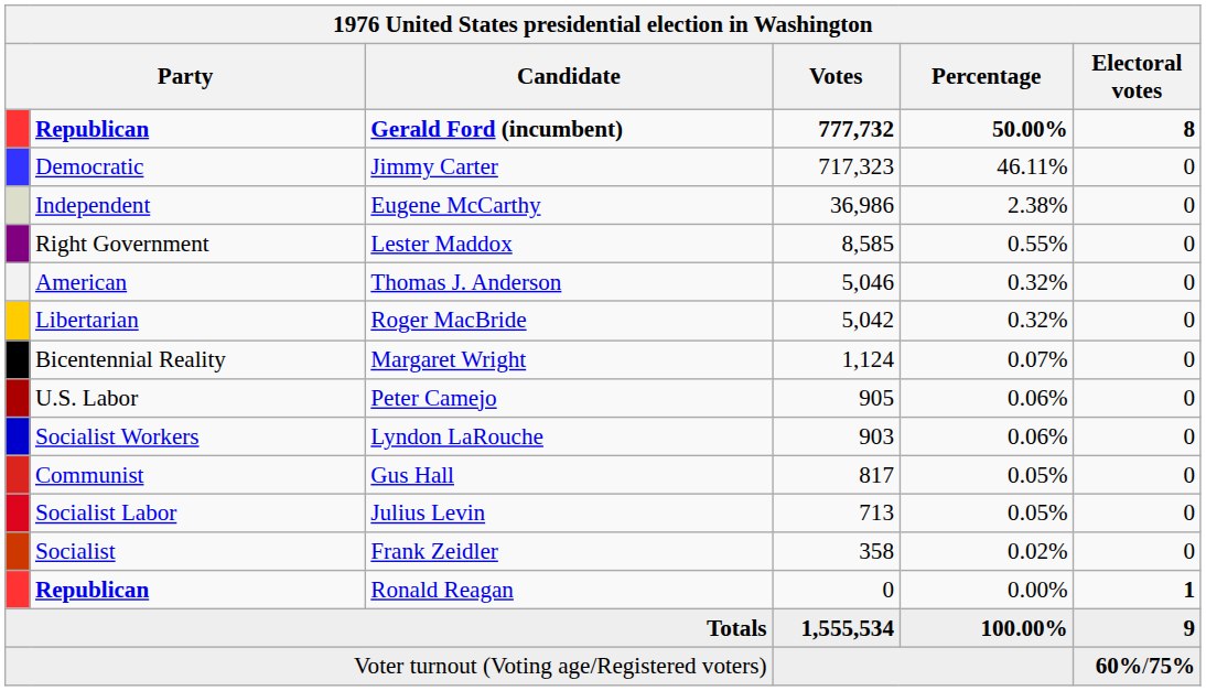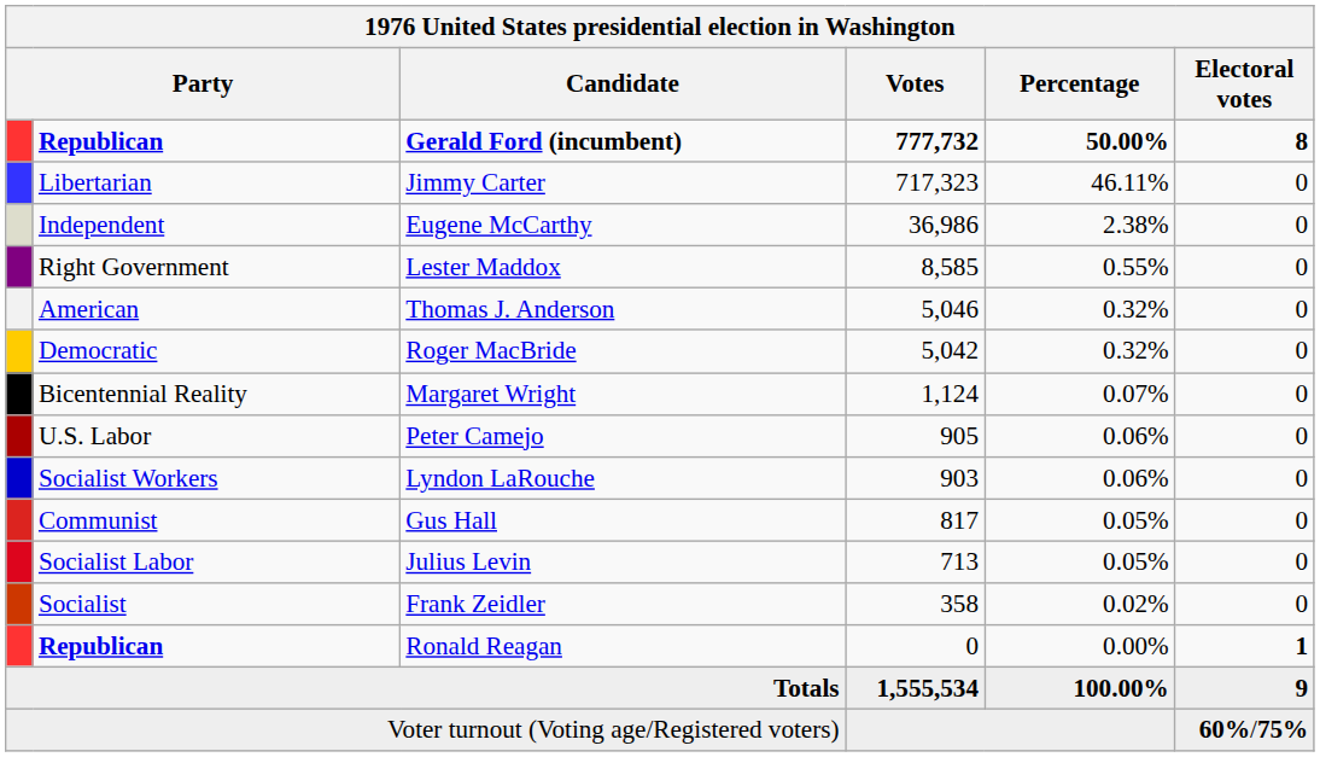 <table class="wikitable" style="font-size: 95%;">
 <tr>
 <th colspan="6">1976 United States presidential election in Washington</th>
 </tr>
 <tr>
 <th colspan="2" style="width: 15em">Party</th>
 <th style="width: 17em">Candidate</th>
 <th style="width: 5em">Votes</th>
 <th style="width: 7em">Percentage</th>
 <th style="width: 5em">Electoral votes</th>
 </tr>
 <tr>
 <th style="background-color:#FF3333; width: 3px"></th>
 <td style="width: 130px"><strong><a href='#'>Republican</a></strong></td>
 <td><strong><a href='#'>Gerald Ford</a> (incumbent)</strong></td>
 <td align="right"><strong>777,732</strong></td>
 <td align="right"><strong>50.00%</strong></td>
 <td align="right"><strong>8</strong></td>
 </tr>
 <tr>
 <th style="background-color:#3333FF; width: 3px"></th>
-<td style="width: 130px"><a href='#'>Democratic</a></td>
+<td style="width: 130px"><a href='#'>Libertarian</a></td>
 <td><a href='#'>Jimmy Carter</a></td>
 <td align="right">717,323</td>
 <td align="right">46.11%</td>
 <td align="right">0</td>
 </tr>
 <tr>
 <th style="background-color:#DDDDCC; width: 3px"></th>
 <td style="width: 130px"><a href='#'>Independent</a></td>
 <td><a href='#'>Eugene McCarthy</a></td>
 <td align="right">36,986</td>
 <td align="right">2.38%</td>
 <td align="right">0</td>
 </tr>
 <tr>
 <th style="background-color:#800080; width: 3px"></th>
 <td style="width: 130px">Right Government</td>
 <td><a href='#'>Lester Maddox</a></td>
 <td align="right">8,585</td>
 <td align="right">0.55%</td>
 <td align="right">0</td>
 </tr>
 <tr>
 <th style="background-color:"></th>
 <td style="width: 130px"><a href='#'>American</a></td>
 <td><a href='#'>Thomas J. Anderson</a></td>
 <td align="right">5,046</td>
 <td align="right">0.32%</td>
 <td align="right">0</td>
 </tr>
 <tr>
 <th style="background:#fc0; width:3px;"></th>
-<td style="width: 130px"><a href='#'>Libertarian</a></td>
+<td style="width: 130px"><a href='#'>Democratic</a></td>
 <td><a href='#'>Roger MacBride</a></td>
 <td align="right">5,042</td>
 <td align="right">0.32%</td>
 <td align="right">0</td>
 </tr>
 <tr>
 <th style="background-color:#000000; width: 3px"></th>
 <td style="width: 130px">Bicentennial Reality</td>
 <td><a href='#'>Margaret Wright</a></td>
 <td align="right">1,124</td>
 <td align="right">0.07%</td>
 <td align="right">0</td>
 </tr>
 <tr>
 <th style="background-color:#AA0000; width: 3px"></th>
 <td style="width: 130px">U.S. Labor</td>
 <td><a href='#'>Peter Camejo</a></td>
 <td align="right">905</td>
 <td align="right">0.06%</td>
 <td align="right">0</td>
 </tr>
 <tr>
 <th style="background-color:#0000CC; width: 3px"></th>
 <td style="width: 130px"><a href='#'>Socialist Workers</a></td>
 <td><a href='#'>Lyndon LaRouche</a></td>
 <td align="right">903</td>
 <td align="right">0.06%</td>
 <td align="right">0</td>
 </tr>
 <tr>
 <th style="background-color:#DC241F; width: 3px"></th>
 <td style="width: 130px"><a href='#'>Communist</a></td>
 <td><a href='#'>Gus Hall</a></td>
 <td align="right">817</td>
 <td align="right">0.05%</td>
 <td align="right">0</td>
 </tr>
 <tr>
 <th style="background-color:#DD051D; width: 3px"></th>
 <td style="width: 130px"><a href='#'>Socialist Labor</a></td>
 <td><a href='#'>Julius Levin</a></td>
 <td align="right">713</td>
 <td align="right">0.05%</td>
 <td align="right">0</td>
 </tr>
 <tr>
 <th style="background-color:#CD3700; width: 3px"></th>
 <td style="width: 130px"><a href='#'>Socialist</a></td>
 <td><a href='#'>Frank Zeidler</a></td>
 <td align="right">358</td>
 <td align="right">0.02%</td>
 <td align="right">0</td>
 </tr>
 <tr>
 <th style="background-color:#FF3333; width: 3px"></th>
 <td style="width: 130px"><strong><a href='#'>Republican</a></strong></td>
 <td><a href='#'>Ronald Reagan</a></td>
 <td align="right">0</td>
 <td align="right">0.00%</td>
 <td align="right"><strong>1</strong></td>
 </tr>
 <tr bgcolor="#EEEEEE">
 <td colspan="3" align="right"><strong>Totals</strong></td>
 <td align="right"><strong>1,555,534</strong></td>
 <td align="right"><strong>100.00%</strong></td>
 <td align="right"><strong>9</strong></td>
 </tr>
 <tr bgcolor="#EEEEEE">
 <td colspan="3" align="right">Voter turnout (Voting age/Registered voters)</td>
 <td colspan="2" align="right"></td>
 <td align="right"><strong>60%</strong>/<strong>75%</strong></td>
 </tr>
 </table>
